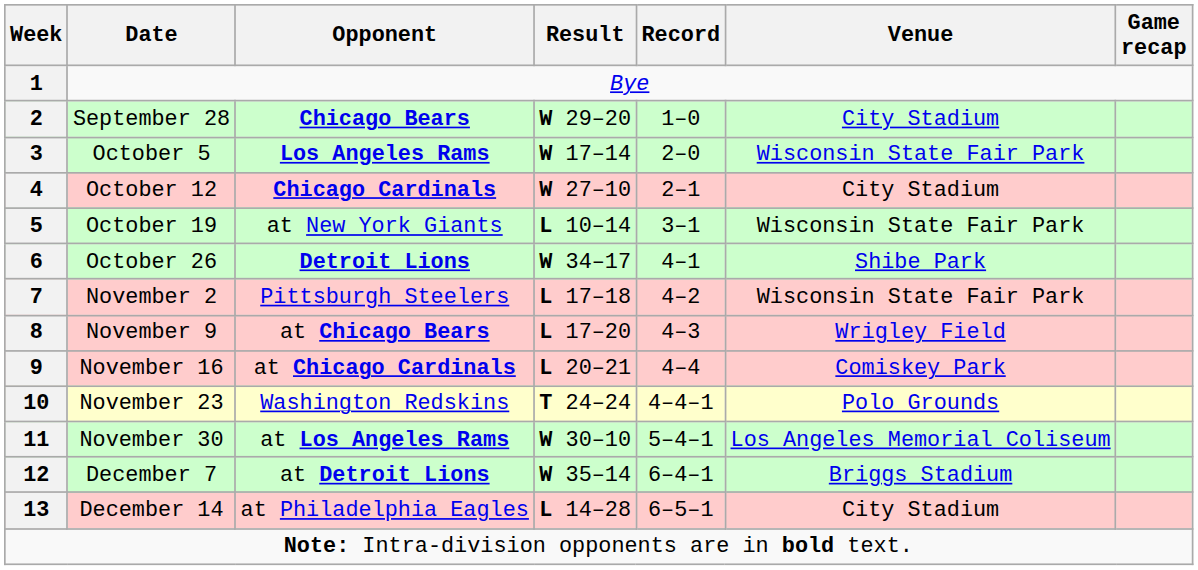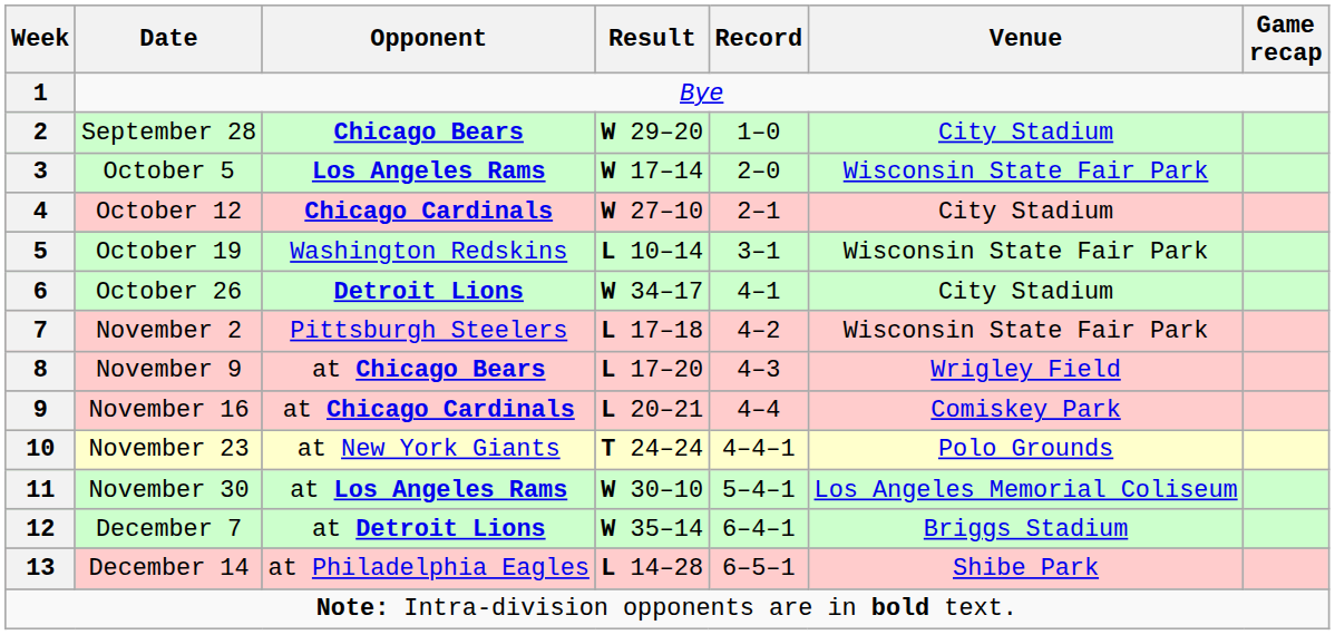 <table class="wikitable" style="text-align:center">
 <tr>
 <th>Week</th>
 <th>Date</th>
 <th>Opponent</th>
 <th>Result</th>
 <th>Record</th>
 <th>Venue</th>
 <th>Game<br>recap</th>
 </tr>
 <tr>
 <th>1</th>
 <td colspan="6"><em><a href='#'>Bye</a></em></td>
 </tr>
 <tr style="background:#cfc">
 <th>2</th>
 <td>September 28</td>
 <td><strong><a href='#'>Chicago Bears</a></strong></td>
 <td><strong>W</strong> 29–20</td>
 <td>1–0</td>
 <td><a href='#'>City Stadium</a></td>
 <td></td>
 </tr>
 <tr style="background:#cfc">
 <th>3</th>
 <td>October 5</td>
 <td><strong><a href='#'>Los Angeles Rams</a></strong></td>
 <td><strong>W</strong> 17–14</td>
 <td>2–0</td>
 <td><a href='#'>Wisconsin State Fair Park</a></td>
 <td></td>
 </tr>
 <tr style="background:#fcc">
 <th>4</th>
 <td>October 12</td>
 <td><strong><a href='#'>Chicago Cardinals</a></strong></td>
 <td><strong>W</strong> 27–10</td>
 <td>2–1</td>
 <td>City Stadium</td>
 <td></td>
 </tr>
 <tr style="background:#cfc">
 <th>5</th>
 <td>October 19</td>
-<td>at <a href='#'>New York Giants</a></td>
+<td><a href='#'>Washington Redskins</a></td>
 <td><strong>L</strong> 10–14</td>
 <td>3–1</td>
 <td>Wisconsin State Fair Park</td>
 <td></td>
 </tr>
 <tr style="background:#cfc">
 <th>6</th>
 <td>October 26</td>
 <td><strong><a href='#'>Detroit Lions</a></strong></td>
 <td><strong>W</strong> 34–17</td>
 <td>4–1</td>
-<td><a href='#'>Shibe Park</a></td>
+<td>City Stadium</td>
 <td></td>
 </tr>
 <tr style="background:#fcc">
 <th>7</th>
 <td>November 2</td>
 <td><a href='#'>Pittsburgh Steelers</a></td>
 <td><strong>L</strong> 17–18</td>
 <td>4–2</td>
 <td>Wisconsin State Fair Park</td>
 <td></td>
 </tr>
 <tr style="background:#fcc">
 <th>8</th>
 <td>November 9</td>
 <td>at <strong><a href='#'>Chicago Bears</a></strong></td>
 <td><strong>L</strong> 17–20</td>
 <td>4–3</td>
 <td><a href='#'>Wrigley Field</a></td>
 <td></td>
 </tr>
 <tr style="background:#fcc">
 <th>9</th>
 <td>November 16</td>
 <td>at <strong><a href='#'>Chicago Cardinals</a></strong></td>
 <td><strong>L</strong> 20–21</td>
 <td>4–4</td>
 <td><a href='#'>Comiskey Park</a></td>
 <td></td>
 </tr>
 <tr style="background:#ffc">
 <th>10</th>
 <td>November 23</td>
-<td><a href='#'>Washington Redskins</a></td>
+<td>at <a href='#'>New York Giants</a></td>
 <td><strong>T</strong> 24–24</td>
 <td>4–4–1</td>
 <td><a href='#'>Polo Grounds</a></td>
 <td></td>
 </tr>
 <tr style="background:#cfc">
 <th>11</th>
 <td>November 30</td>
 <td>at <strong><a href='#'>Los Angeles Rams</a></strong></td>
 <td><strong>W</strong> 30–10</td>
 <td>5–4–1</td>
 <td><a href='#'>Los Angeles Memorial Coliseum</a></td>
 <td></td>
 </tr>
 <tr style="background:#cfc">
 <th>12</th>
 <td>December 7</td>
 <td>at <strong><a href='#'>Detroit Lions</a></strong></td>
 <td><strong>W</strong> 35–14</td>
 <td>6–4–1</td>
 <td><a href='#'>Briggs Stadium</a></td>
 <td></td>
 </tr>
 <tr style="background:#fcc">
 <th>13</th>
 <td>December 14</td>
 <td>at <a href='#'>Philadelphia Eagles</a></td>
 <td><strong>L</strong> 14–28</td>
 <td>6–5–1</td>
-<td>City Stadium</td>
+<td><a href='#'>Shibe Park</a></td>
 <td></td>
 </tr>
 <tr>
 <td colspan="8"><strong>Note:</strong> Intra-division opponents are in <strong>bold</strong> text.</td>
 </tr>
 </table>
